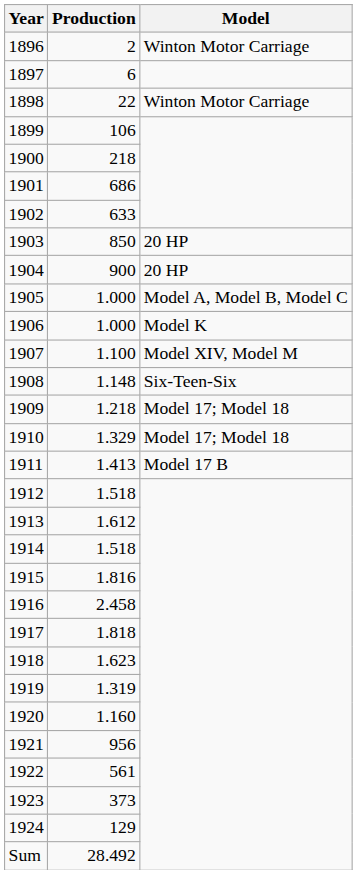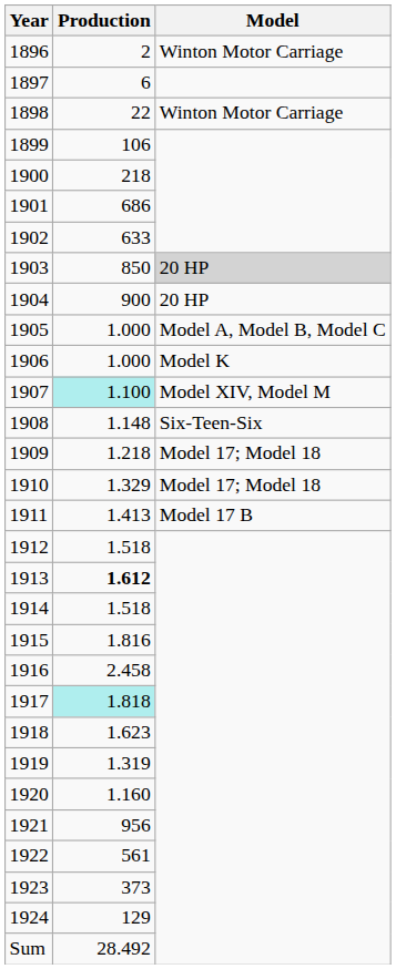 <table class="wikitable sortable">
 <tr>
 <th>Year</th>
 <th>Production</th>
 <th>Model</th>
 </tr>
 <tr>
 <td>1896</td>
 <td align="right">2</td>
 <td>Winton Motor Carriage </td>
 </tr>
 <tr>
 <td>1897</td>
 <td align="right">6</td>
 </tr>
 <tr>
 <td>1898</td>
 <td align="right">22</td>
 <td>Winton Motor Carriage </td>
 </tr>
 <tr>
 <td>1899</td>
 <td align="right">106</td>
 </tr>
 <tr>
 <td>1900</td>
 <td align="right">218</td>
 </tr>
 <tr>
 <td>1901</td>
 <td align="right">686</td>
 </tr>
 <tr>
 <td>1902</td>
 <td align="right">633</td>
 </tr>
 <tr>
 <td>1903</td>
 <td align="right">850</td>
-<td>20 HP </td>
+<td style="background: lightgrey;">20 HP </td>
 </tr>
 <tr>
 <td>1904</td>
 <td align="right">900</td>
 <td>20 HP</td>
 </tr>
 <tr>
 <td>1905</td>
 <td align="right">1.000</td>
 <td>Model A, Model B, Model C </td>
 </tr>
 <tr>
 <td>1906</td>
 <td align="right">1.000</td>
 <td>Model K </td>
 </tr>
 <tr>
 <td>1907</td>
-<td align="right">1.100</td>
+<td align="right" style="background: paleturquoise;">1.100</td>
 <td>Model XIV, Model M </td>
 </tr>
 <tr>
 <td>1908</td>
 <td align="right">1.148</td>
 <td>Six-Teen-Six </td>
 </tr>
 <tr>
 <td>1909</td>
 <td align="right">1.218</td>
 <td>Model 17; Model 18 </td>
 </tr>
 <tr>
 <td>1910</td>
 <td align="right">1.329</td>
 <td>Model 17; Model 18</td>
 </tr>
 <tr>
 <td>1911</td>
 <td align="right">1.413</td>
 <td>Model 17 B </td>
 </tr>
 <tr>
 <td>1912</td>
 <td align="right">1.518</td>
 </tr>
 <tr>
 <td>1913</td>
-<td align="right">1.612</td>
+<td align="right"><strong>1.612</strong></td>
 </tr>
 <tr>
 <td>1914</td>
 <td align="right">1.518</td>
 </tr>
 <tr>
 <td>1915</td>
 <td align="right">1.816</td>
 </tr>
 <tr>
 <td>1916</td>
 <td align="right">2.458</td>
 </tr>
 <tr>
 <td>1917</td>
-<td align="right">1.818</td>
+<td align="right" style="background: paleturquoise;">1.818</td>
 </tr>
 <tr>
 <td>1918</td>
 <td align="right">1.623</td>
 </tr>
 <tr>
 <td>1919</td>
 <td align="right">1.319</td>
 </tr>
 <tr>
 <td>1920</td>
 <td align="right">1.160</td>
 </tr>
 <tr>
 <td>1921</td>
 <td align="right">956</td>
 </tr>
 <tr>
 <td>1922</td>
 <td align="right">561</td>
 </tr>
 <tr>
 <td>1923</td>
 <td align="right">373</td>
 </tr>
 <tr>
 <td>1924</td>
 <td align="right">129</td>
 </tr>
 <tr>
 <td>Sum</td>
 <td align="right">28.492</td>
 </tr>
 </table>
